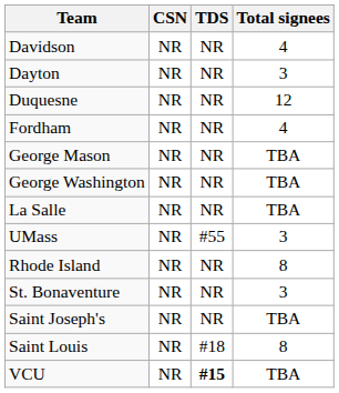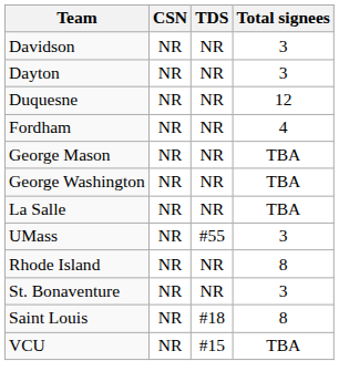 <table class="wikitable sortable">
 <tr>
 <th>Team</th>
 <th>CSN</th>
 <th>TDS</th>
 <th>Total signees</th>
 </tr>
 <tr>
 <td>Davidson</td>
 <td style="text-align:center; background:white">NR</td>
 <td style="text-align:center; background:white">NR</td>
-<td style="text-align:center; background:white">4</td>
+<td style="text-align:center; background:white">3</td>
 </tr>
 <tr>
 <td>Dayton</td>
 <td style="text-align:center; background:white">NR</td>
 <td style="text-align:center; background:white">NR</td>
 <td style="text-align:center; background:white">3</td>
 </tr>
 <tr>
 <td>Duquesne</td>
 <td style="text-align:center; background:white">NR</td>
 <td style="text-align:center; background:white">NR</td>
 <td style="text-align:center; background:white">12</td>
 </tr>
 <tr>
 <td>Fordham</td>
 <td style="text-align:center; background:white">NR</td>
 <td style="text-align:center; background:white">NR</td>
 <td style="text-align:center; background:white">4</td>
 </tr>
 <tr>
 <td>George Mason</td>
 <td style="text-align:center; background:white">NR</td>
 <td style="text-align:center; background:white">NR</td>
 <td style="text-align:center; background:white">TBA</td>
 </tr>
 <tr>
 <td>George Washington</td>
 <td style="text-align:center; background:white">NR</td>
 <td style="text-align:center; background:white">NR</td>
 <td style="text-align:center; background:white">TBA</td>
 </tr>
 <tr>
 <td>La Salle</td>
 <td style="text-align:center; background:white">NR</td>
 <td style="text-align:center; background:white">NR</td>
 <td style="text-align:center; background:white">TBA</td>
 </tr>
 <tr>
 <td>UMass</td>
 <td style="text-align:center; background:white">NR</td>
 <td style="text-align:center; background:white">#55</td>
 <td style="text-align:center; background:white">3</td>
 </tr>
 <tr>
 <td>Rhode Island</td>
 <td style="text-align:center; background:white">NR</td>
 <td style="text-align:center; background:white">NR</td>
 <td style="text-align:center; background:white">8</td>
 </tr>
 <tr>
 <td>St. Bonaventure</td>
 <td style="text-align:center; background:white">NR</td>
 <td style="text-align:center; background:white">NR</td>
 <td style="text-align:center; background:white">3</td>
 </tr>
 <tr>
-<td>Saint Joseph's</td>
-<td style="text-align:center; background:white">NR</td>
-<td style="text-align:center; background:white">NR</td>
-<td style="text-align:center; background:white">TBA</td>
-</tr>
-<tr>
 <td>Saint Louis</td>
 <td style="text-align:center; background:white">NR</td>
 <td style="text-align:center; background:white">#18</td>
 <td style="text-align:center; background:white">8</td>
 </tr>
 <tr>
 <td>VCU</td>
 <td style="text-align:center; background:white">NR</td>
-<td style="text-align:center; background:white"><strong>#15</strong></td>
+<td style="text-align:center; background:white">#15</td>
 <td style="text-align:center; background:white">TBA</td>
 </tr>
 </table>
